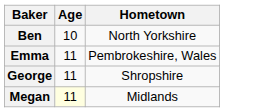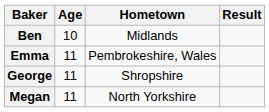 <table class="wikitable sortable" style="display:inline-table; text-align:center">
 <tr>
 <th scope="col">Baker</th>
 <th scope="col">Age</th>
 <th scope="col">Hometown</th>
+<th scope="col">Result</th>
 </tr>
 <tr>
 <th scope="row">Ben</th>
 <td>10</td>
-<td>North Yorkshire</td>
+<td>Midlands</td>
+<td></td>
 </tr>
 <tr>
 <th scope="row">Emma</th>
 <td>11</td>
 <td>Pembrokeshire, Wales</td>
+<td></td>
 </tr>
 <tr>
 <th scope="row">George</th>
 <td>11</td>
 <td>Shropshire</td>
+<td></td>
 </tr>
 <tr>
 <th scope="row">Megan</th>
-<td style="background: lightyellow;">11</td>
-<td>Midlands</td>
+<td>11</td>
+<td>North Yorkshire</td>
+<td></td>
 </tr>
 </table>
